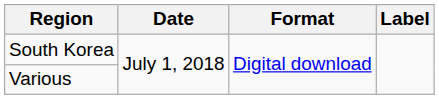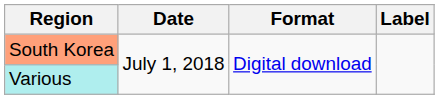 <table class = "wikitable plainrowheaders">
 <tr>
 <th>Region</th>
 <th>Date</th>
 <th>Format</th>
 <th>Label</th>
 </tr>
 <tr>
-<td>South Korea</td>
+<td style="background: lightsalmon;">South Korea</td>
 <td rowspan="2">July 1, 2018</td>
 <td rowspan="2"><a href='#'>Digital download</a></td>
 <td rowspan="2"></td>
 </tr>
 <tr>
-<td>Various</td>
+<td style="background: paleturquoise;">Various</td>
 </tr>
 </table>
